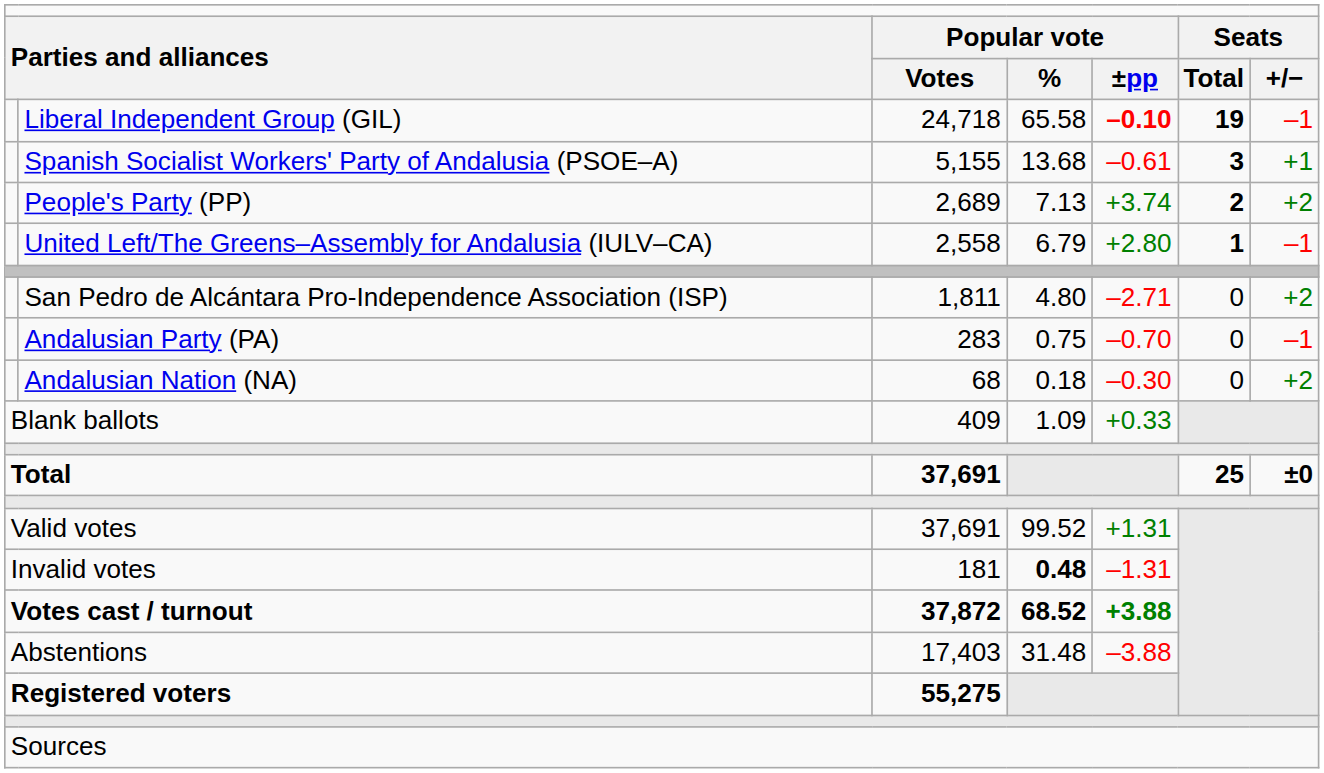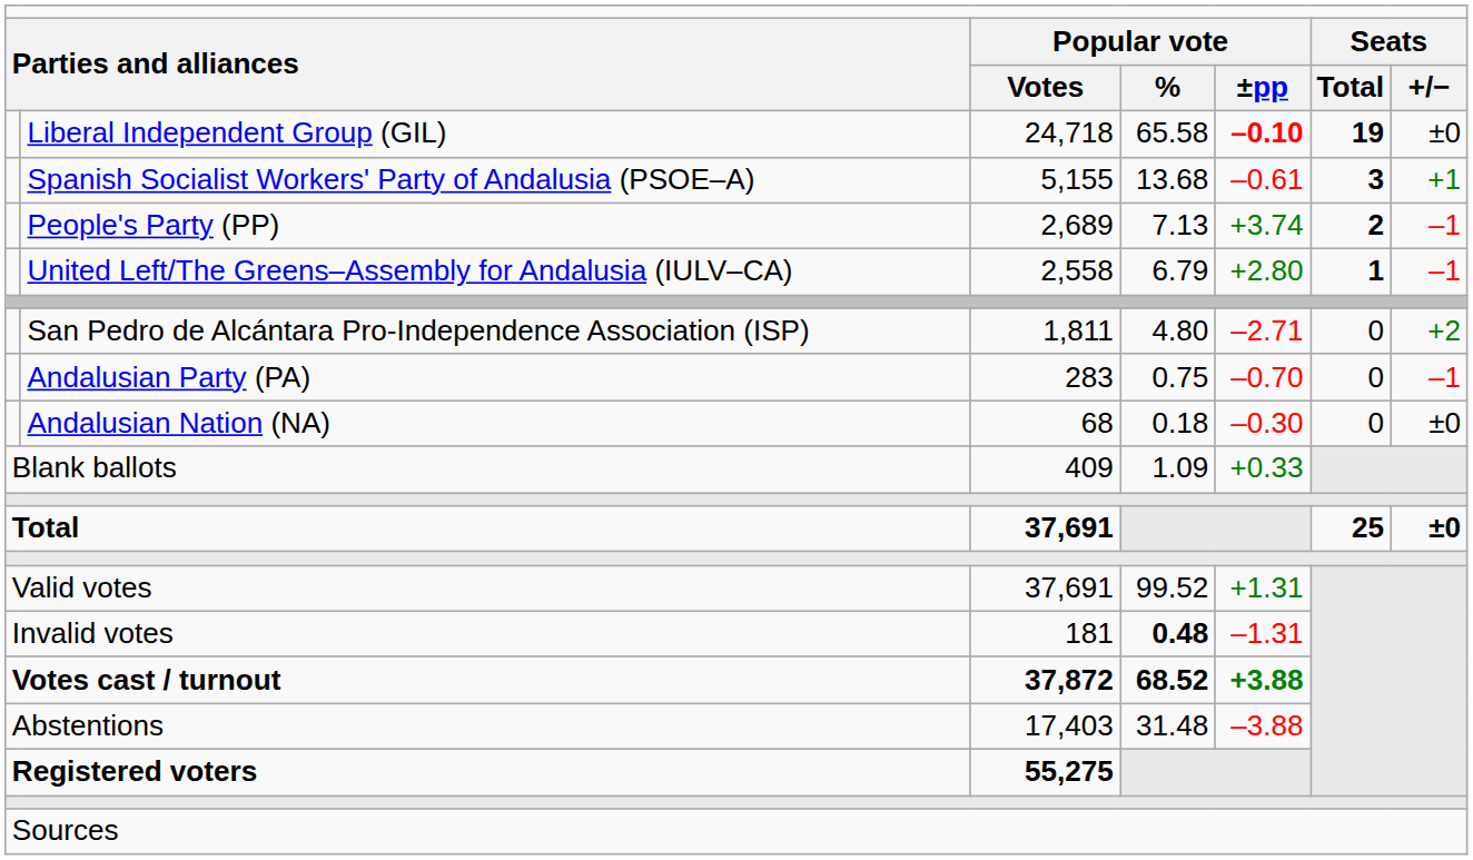 <table class="wikitable" style="text-align:right;">
 <tr>
 <td colspan="7"></td>
 </tr>
 <tr>
 <th style="text-align:left;" rowspan="2" colspan="2" width="525">Parties and alliances</th>
 <th colspan="3">Popular vote</th>
 <th colspan="2">Seats</th>
 </tr>
 <tr>
 <th width="75">Votes</th>
 <th width="45">%</th>
 <th width="45">±<a href='#'>pp</a></th>
 <th width="35">Total</th>
 <th width="35">+/−</th>
 </tr>
 <tr>
 <td width="1" style="color:inherit;background:"></td>
 <td align="left"><a href='#'>Liberal Independent Group</a> (GIL)</td>
 <td>24,718</td>
 <td>65.58</td>
 <td style="color:red;"><strong>–0.10</strong></td>
 <td><strong>19</strong></td>
-<td style="color:red;">–1</td>
+<td>±0</td>
 </tr>
 <tr>
 <td style="color:inherit;background:"></td>
 <td align="left"><a href='#'>Spanish Socialist Workers' Party of Andalusia</a> (PSOE–A)</td>
 <td>5,155</td>
 <td>13.68</td>
 <td style="color:red;">–0.61</td>
 <td><strong>3</strong></td>
 <td style="color:green;">+1</td>
 </tr>
 <tr>
 <td style="color:inherit;background:"></td>
 <td align="left"><a href='#'>People's Party</a> (PP)</td>
 <td>2,689</td>
 <td>7.13</td>
 <td style="color:green;">+3.74</td>
 <td><strong>2</strong></td>
-<td style="color:green;">+2</td>
+<td style="color:red;">–1</td>
 </tr>
 <tr>
 <td style="color:inherit;background:"></td>
 <td align="left"><a href='#'>United Left/The Greens–Assembly for Andalusia</a> (IULV–CA)</td>
 <td>2,558</td>
 <td>6.79</td>
 <td style="color:green;">+2.80</td>
 <td><strong>1</strong></td>
 <td style="color:red;">–1</td>
 </tr>
 <tr>
 <td colspan="7" bgcolor="#C0C0C0"></td>
 </tr>
 <tr>
 <td style="color:inherit;background:"></td>
 <td align="left">San Pedro de Alcántara Pro-Independence Association (ISP)</td>
 <td>1,811</td>
 <td>4.80</td>
 <td style="color:red;">–2.71</td>
 <td>0</td>
 <td style="color:green;">+2</td>
 </tr>
 <tr>
 <td style="color:inherit;background:"></td>
 <td align="left"><a href='#'>Andalusian Party</a> (PA)</td>
 <td>283</td>
 <td>0.75</td>
 <td style="color:red;">–0.70</td>
 <td>0</td>
 <td style="color:red;">–1</td>
 </tr>
 <tr>
 <td style="color:inherit;background:"></td>
 <td align="left"><a href='#'>Andalusian Nation</a> (NA)</td>
 <td>68</td>
 <td>0.18</td>
 <td style="color:red;">–0.30</td>
 <td>0</td>
-<td style="color:green;">+2</td>
+<td>±0</td>
 </tr>
 <tr>
 <td align="left" colspan="2">Blank ballots</td>
 <td>409</td>
 <td>1.09</td>
 <td style="color:green;">+0.33</td>
 <td bgcolor="#E9E9E9" colspan="2"></td>
 </tr>
 <tr>
 <td colspan="7" bgcolor="#E9E9E9"></td>
 </tr>
 <tr style="font-weight:bold;">
 <td align="left" colspan="2">Total</td>
 <td>37,691</td>
 <td bgcolor="#E9E9E9" colspan="2"></td>
 <td>25</td>
 <td>±0</td>
 </tr>
 <tr>
 <td colspan="7" bgcolor="#E9E9E9"></td>
 </tr>
 <tr>
 <td align="left" colspan="2">Valid votes</td>
 <td>37,691</td>
 <td>99.52</td>
 <td style="color:green;">+1.31</td>
 <td bgcolor="#E9E9E9" colspan="2" rowspan="5"></td>
 </tr>
 <tr>
 <td align="left" colspan="2">Invalid votes</td>
 <td>181</td>
 <td><strong>0.48</strong></td>
 <td style="color:red;">–1.31</td>
 </tr>
 <tr style="font-weight:bold;">
 <td align="left" colspan="2">Votes cast / turnout</td>
 <td>37,872</td>
 <td>68.52</td>
 <td style="color:green;">+3.88</td>
 </tr>
 <tr>
 <td align="left" colspan="2">Abstentions</td>
 <td>17,403</td>
 <td>31.48</td>
 <td style="color:red;">–3.88</td>
 </tr>
 <tr style="font-weight:bold;">
 <td align="left" colspan="2">Registered voters</td>
 <td>55,275</td>
 <td bgcolor="#E9E9E9" colspan="2"></td>
 </tr>
 <tr>
 <td colspan="7" bgcolor="#E9E9E9"></td>
 </tr>
 <tr>
 <td align="left" colspan="7">Sources</td>
 </tr>
 </table>
